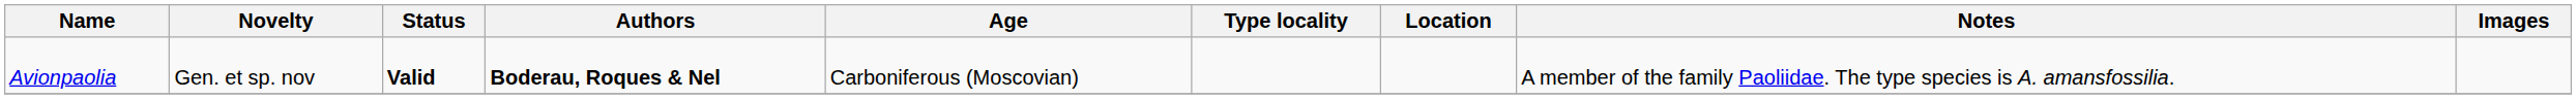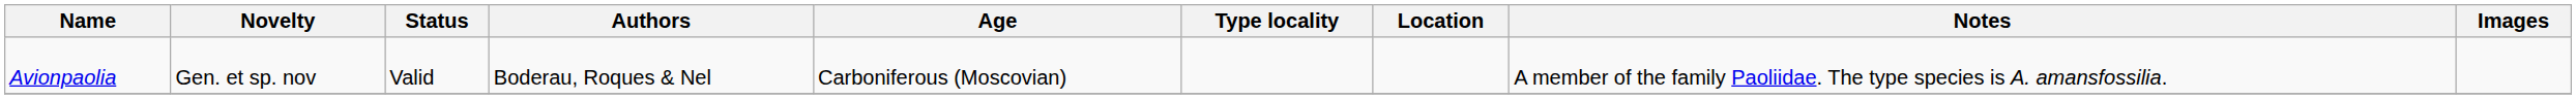 <table class="wikitable sortable" align="center" width="100%">
 <tr>
 <th>Name</th>
 <th>Novelty</th>
 <th>Status</th>
 <th>Authors</th>
 <th>Age</th>
 <th>Type locality</th>
 <th>Location</th>
 <th>Notes</th>
 <th>Images</th>
 </tr>
 <tr>
 <td><br><em><a href='#'>Avionpaolia</a></em></td>
 <td><br>Gen. et sp. nov</td>
-<td><strong><br>Valid</strong></td>
-<td><strong><br>Boderau, Roques & Nel</strong></td>
+<td><br>Valid</td>
+<td><br>Boderau, Roques & Nel</td>
 <td><br>Carboniferous (Moscovian)</td>
 <td></td>
 <td><br></td>
 <td><br>A member of the family <a href='#'>Paoliidae</a>. The type species is <em>A. amansfossilia</em>.</td>
 <td></td>
 </tr>
 <tr>
 </tr>
 </table>
